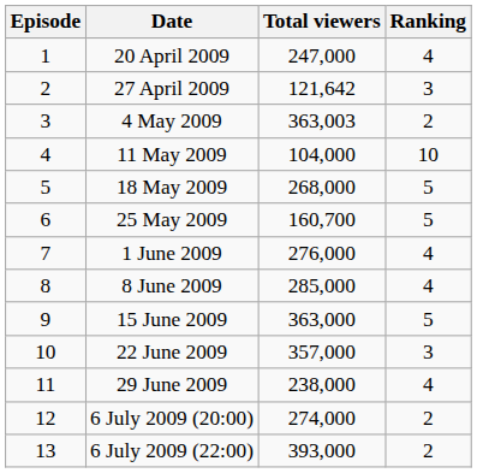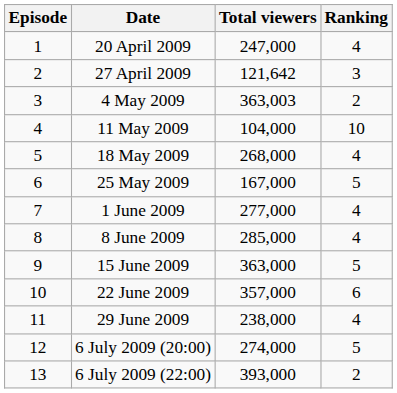 <table class="wikitable" style="text-align:center;">
 <tr>
 <th>Episode</th>
 <th>Date</th>
 <th>Total viewers</th>
 <th>Ranking</th>
 </tr>
 <tr>
 <td>1</td>
 <td>20 April 2009</td>
 <td>247,000</td>
 <td>4</td>
 </tr>
 <tr>
 <td>2</td>
 <td>27 April 2009</td>
 <td>121,642</td>
 <td>3</td>
 </tr>
 <tr>
 <td>3</td>
 <td>4 May 2009</td>
 <td>363,003</td>
 <td>2</td>
 </tr>
 <tr>
 <td>4</td>
 <td>11 May 2009</td>
 <td>104,000</td>
 <td>10</td>
 </tr>
 <tr>
 <td>5</td>
 <td>18 May 2009</td>
 <td>268,000</td>
-<td>5</td>
+<td>4</td>
 </tr>
 <tr>
 <td>6</td>
 <td>25 May 2009</td>
-<td>160,700</td>
+<td>167,000</td>
 <td>5</td>
 </tr>
 <tr>
 <td>7</td>
 <td>1 June 2009</td>
-<td>276,000</td>
+<td>277,000</td>
 <td>4</td>
 </tr>
 <tr>
 <td>8</td>
 <td>8 June 2009</td>
 <td>285,000</td>
 <td>4</td>
 </tr>
 <tr>
 <td>9</td>
 <td>15 June 2009</td>
 <td>363,000</td>
 <td>5</td>
 </tr>
 <tr>
 <td>10</td>
 <td>22 June 2009</td>
 <td>357,000</td>
-<td>3</td>
+<td>6</td>
 </tr>
 <tr>
 <td>11</td>
 <td>29 June 2009</td>
 <td>238,000</td>
 <td>4</td>
 </tr>
 <tr>
 <td>12</td>
 <td>6 July 2009 (20:00)</td>
 <td>274,000</td>
-<td>2</td>
+<td>5</td>
 </tr>
 <tr>
 <td>13</td>
 <td>6 July 2009 (22:00)</td>
 <td>393,000</td>
 <td>2</td>
 </tr>
 </table>
